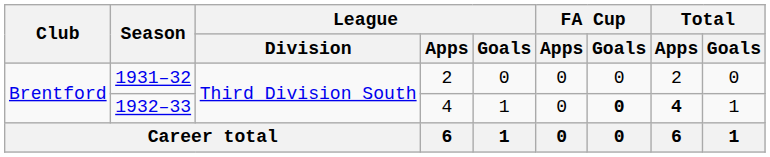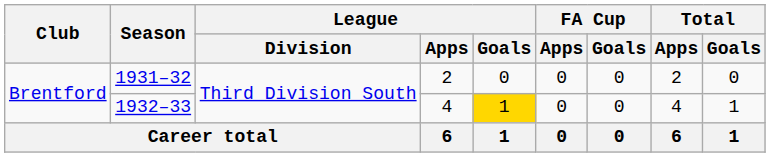 <table class="wikitable" style="text-align: center;">
 <tr>
 <th rowspan="2">Club</th>
 <th rowspan="2">Season</th>
 <th colspan="3">League</th>
 <th colspan="2">FA Cup</th>
 <th colspan="2">Total</th>
 </tr>
 <tr>
 <th>Division</th>
 <th>Apps</th>
 <th>Goals</th>
 <th>Apps</th>
 <th>Goals</th>
 <th>Apps</th>
 <th>Goals</th>
 </tr>
 <tr>
 <td rowspan="2"><a href='#'>Brentford</a></td>
 <td><a href='#'>1931–32</a></td>
 <td rowspan="2"><a href='#'>Third Division South</a></td>
 <td>2</td>
 <td>0</td>
 <td>0</td>
 <td>0</td>
 <td>2</td>
 <td>0</td>
 </tr>
 <tr>
 <td><a href='#'>1932–33</a></td>
 <td>4</td>
-<td>1</td>
+<td style="background: gold;">1</td>
 <td>0</td>
-<td><strong>0</strong></td>
-<td><strong>4</strong></td>
+<td>0</td>
+<td>4</td>
 <td>1</td>
 </tr>
 <tr>
 <th colspan="3">Career total</th>
 <th>6</th>
 <th>1</th>
 <th>0</th>
 <th>0</th>
 <th>6</th>
 <th>1</th>
 </tr>
 </table>
